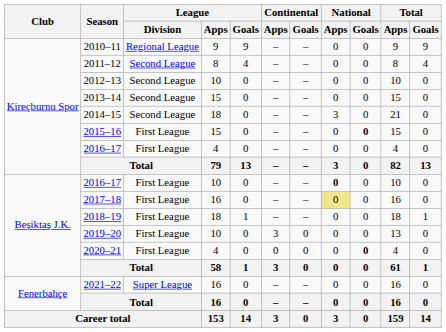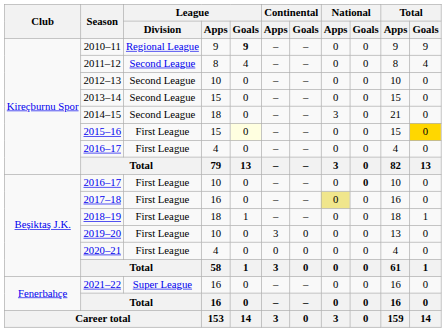 <table class="wikitable" style="text-align: center;">
 <tr>
 <th rowspan=2>Club</th>
 <th rowspan=2>Season</th>
 <th colspan=3>League</th>
 <th colspan=2>Continental</th>
 <th colspan=2>National</th>
 <th colspan=2>Total</th>
 </tr>
 <tr>
 <th>Division</th>
 <th>Apps</th>
 <th>Goals</th>
 <th>Apps</th>
 <th>Goals</th>
 <th>Apps</th>
 <th>Goals</th>
 <th>Apps</th>
 <th>Goals</th>
 </tr>
 <tr>
 <td rowspan=8><a href='#'>Kireçburnu Spor</a></td>
 <td>2010–11</td>
 <td><a href='#'>Regional League</a></td>
 <td>9</td>
-<td>9</td>
+<td><strong>9</strong></td>
 <td>–</td>
 <td>–</td>
 <td>0</td>
 <td>0</td>
 <td>9</td>
 <td>9</td>
 </tr>
 <tr>
 <td>2011–12</td>
 <td><a href='#'>Second League</a></td>
 <td>8</td>
 <td>4</td>
 <td>–</td>
 <td>–</td>
 <td>0</td>
 <td>0</td>
 <td>8</td>
 <td>4</td>
 </tr>
 <tr>
 <td>2012–13</td>
 <td>Second League</td>
 <td>10</td>
 <td>0</td>
 <td>–</td>
 <td>–</td>
 <td>0</td>
 <td>0</td>
 <td>10</td>
 <td>0</td>
 </tr>
 <tr>
 <td>2013–14</td>
 <td>Second League</td>
 <td>15</td>
 <td>0</td>
 <td>–</td>
 <td>–</td>
 <td>0</td>
 <td>0</td>
 <td>15</td>
 <td>0</td>
 </tr>
 <tr>
 <td>2014–15</td>
 <td>Second League</td>
 <td>18</td>
 <td>0</td>
 <td>–</td>
 <td>–</td>
 <td>3</td>
 <td>0</td>
 <td>21</td>
 <td>0</td>
 </tr>
 <tr>
 <td><a href='#'>2015–16</a></td>
 <td>First League</td>
 <td>15</td>
-<td>0</td>
+<td style="background: lightyellow;">0</td>
 <td>–</td>
 <td>–</td>
 <td>0</td>
-<td><strong>0</strong></td>
+<td>0</td>
 <td>15</td>
-<td>0</td>
+<td style="background: gold;">0</td>
 </tr>
 <tr>
 <td><a href='#'>2016–17</a></td>
 <td>First League</td>
 <td>4</td>
 <td>0</td>
 <td>–</td>
 <td>–</td>
 <td>0</td>
 <td>0</td>
 <td>4</td>
 <td>0</td>
 </tr>
 <tr>
 <th colspan=2>Total</th>
 <th>79</th>
 <th>13</th>
 <th>–</th>
 <th>–</th>
 <th>3</th>
 <th>0</th>
 <th>82</th>
 <th>13</th>
 </tr>
 <tr>
 <td rowspan=6><a href='#'>Beşiktaş J.K.</a></td>
 <td><a href='#'>2016–17</a></td>
 <td>First League</td>
 <td>10</td>
 <td>0</td>
 <td>–</td>
 <td>–</td>
+<td>0</td>
 <td><strong>0</strong></td>
-<td>0</td>
 <td>10</td>
 <td>0</td>
 </tr>
 <tr>
 <td><a href='#'>2017–18</a></td>
 <td>First League</td>
 <td>16</td>
 <td>0</td>
 <td>–</td>
 <td>–</td>
 <td style="background: khaki;">0</td>
 <td>0</td>
 <td>16</td>
 <td>0</td>
 </tr>
 <tr>
 <td><a href='#'>2018–19</a></td>
 <td>First League</td>
 <td>18</td>
 <td>1</td>
 <td>–</td>
 <td>–</td>
 <td>0</td>
 <td>0</td>
 <td>18</td>
 <td>1</td>
 </tr>
 <tr>
 <td><a href='#'>2019–20</a></td>
 <td>First League</td>
 <td>10</td>
 <td>0</td>
 <td>3</td>
 <td>0</td>
 <td>0</td>
 <td>0</td>
 <td>13</td>
 <td>0</td>
 </tr>
 <tr>
 <td><a href='#'>2020–21</a></td>
 <td>First League</td>
 <td>4</td>
 <td>0</td>
 <td>0</td>
 <td>0</td>
 <td>0</td>
-<td><strong>0</strong></td>
+<td>0</td>
 <td>4</td>
 <td>0</td>
 </tr>
 <tr>
 <th colspan=2>Total</th>
 <th>58</th>
 <th>1</th>
 <th>3</th>
 <th>0</th>
 <th>0</th>
 <th>0</th>
 <th>61</th>
 <th>1</th>
 </tr>
 <tr>
 <td rowspan=2><a href='#'>Fenerbahçe</a></td>
 <td><a href='#'>2021–22</a></td>
 <td><a href='#'>Super League</a></td>
 <td>16</td>
 <td>0</td>
 <td>–</td>
 <td>–</td>
 <td>0</td>
 <td>0</td>
 <td>16</td>
 <td>0</td>
 </tr>
 <tr>
 <th colspan=2>Total</th>
 <th>16</th>
 <th>0</th>
 <th>–</th>
 <th>–</th>
 <th>0</th>
 <th>0</th>
 <th>16</th>
 <th>0</th>
 </tr>
 <tr>
 <th colspan=3>Career total</th>
 <th>153</th>
 <th>14</th>
 <th>3</th>
 <th>0</th>
 <th>3</th>
 <th>0</th>
 <th>159</th>
 <th>14</th>
 </tr>
 </table>
